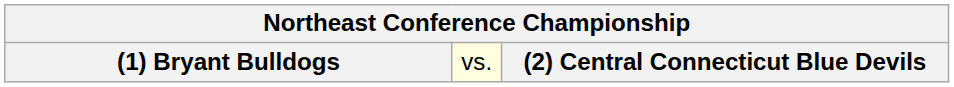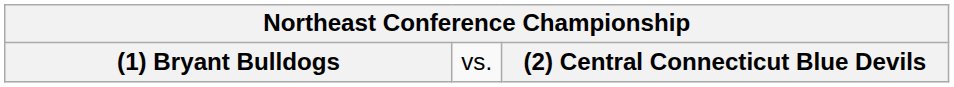 <table class="wikitable">
 <tr>
 <th style="width: 604px;" colspan=3>Northeast Conference Championship</th>
 </tr>
 <tr>
 <th style="width: 289px; ">(1) Bryant Bulldogs</th>
-<td style="background: lightyellow; width: 25px; text-align:center">vs.</td>
+<td style="width: 25px; text-align:center">vs.</td>
 <th style="width: 289px; ">(2) Central Connecticut Blue Devils</th>
 </tr>
 </table>
